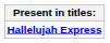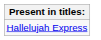 <table class="wikitable">
 <tr>
 <th>Present in titles:</th>
 </tr>
 <tr>
-<td><strong><a href='#'>Hallelujah Express</a></strong></td>
+<td><a href='#'>Hallelujah Express</a></td>
 </tr>
 </table>
